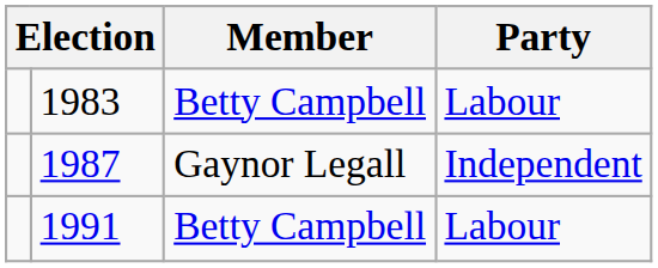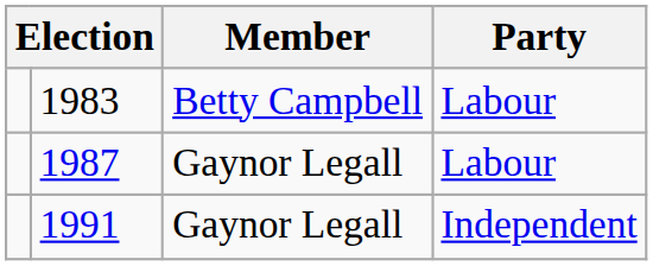 <table class="wikitable">
 <tr>
 <th colspan="2">Election</th>
 <th>Member</th>
 <th>Party</th>
 </tr>
 <tr>
 <td style="background-color: "></td>
 <td>1983</td>
 <td><a href='#'>Betty Campbell</a></td>
 <td><a href='#'>Labour</a></td>
 </tr>
 <tr>
 <td style="background-color: "></td>
 <td><a href='#'>1987</a></td>
 <td>Gaynor Legall</td>
-<td><a href='#'>Independent</a></td>
+<td><a href='#'>Labour</a></td>
 </tr>
 <tr>
 <td style="background-color: "></td>
 <td><a href='#'>1991</a></td>
-<td><a href='#'>Betty Campbell</a></td>
-<td><a href='#'>Labour</a></td>
+<td>Gaynor Legall</td>
+<td><a href='#'>Independent</a></td>
 </tr>
 </table>
